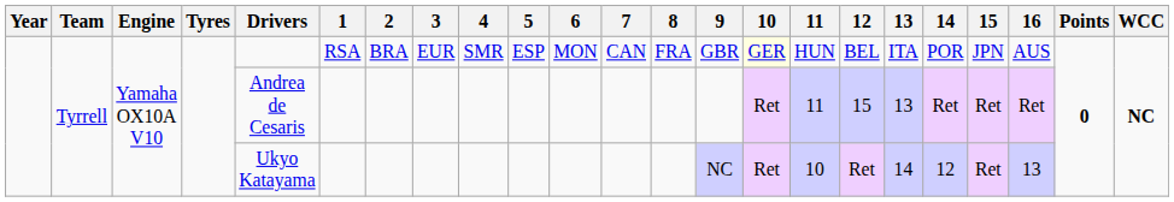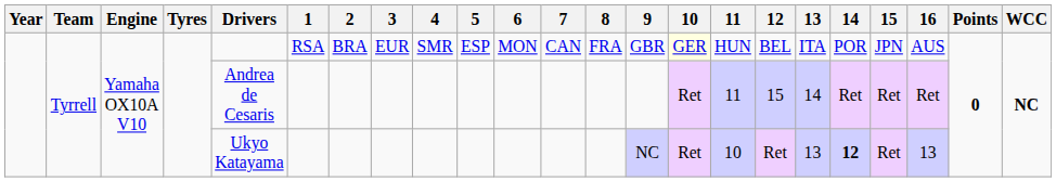 <table class="wikitable" style="text-align:center; font-size:95%">
 <tr>
 <th>Year</th>
 <th>Team</th>
 <th>Engine</th>
 <th>Tyres</th>
 <th>Drivers</th>
 <th>1</th>
 <th>2</th>
 <th>3</th>
 <th>4</th>
 <th>5</th>
 <th>6</th>
 <th>7</th>
 <th>8</th>
 <th>9</th>
 <th>10</th>
 <th>11</th>
 <th>12</th>
 <th>13</th>
 <th>14</th>
 <th>15</th>
 <th>16</th>
 <th>Points</th>
 <th>WCC</th>
 </tr>
 <tr>
 <td rowspan="3"></td>
 <td rowspan="3"><a href='#'>Tyrrell</a></td>
 <td rowspan="3"><a href='#'>Yamaha</a> OX10A<br><a href='#'>V10</a></td>
 <td rowspan="3"></td>
 <td></td>
 <td><a href='#'>RSA</a></td>
 <td><a href='#'>BRA</a></td>
 <td><a href='#'>EUR</a></td>
 <td><a href='#'>SMR</a></td>
 <td><a href='#'>ESP</a></td>
 <td><a href='#'>MON</a></td>
 <td><a href='#'>CAN</a></td>
 <td><a href='#'>FRA</a></td>
 <td><a href='#'>GBR</a></td>
 <td style="background: lightyellow;"><a href='#'>GER</a></td>
 <td><a href='#'>HUN</a></td>
 <td><a href='#'>BEL</a></td>
 <td><a href='#'>ITA</a></td>
 <td><a href='#'>POR</a></td>
 <td><a href='#'>JPN</a></td>
 <td><a href='#'>AUS</a></td>
 <td rowspan="3"><strong>0</strong></td>
 <td rowspan="3"><strong>NC</strong></td>
 </tr>
 <tr>
 <td> <a href='#'>Andrea de Cesaris</a></td>
 <td></td>
 <td></td>
 <td></td>
 <td></td>
 <td></td>
 <td></td>
 <td></td>
 <td></td>
 <td></td>
 <td style="background:#EFCFFF;">Ret</td>
 <td style="background:#CFCFFF;">11</td>
 <td style="background:#CFCFFF;">15</td>
-<td style="background:#CFCFFF;">13</td>
+<td style="background:#CFCFFF;">14</td>
 <td style="background:#EFCFFF;">Ret</td>
 <td style="background:#EFCFFF;">Ret</td>
 <td style="background:#EFCFFF;">Ret</td>
 </tr>
 <tr>
 <td> <a href='#'>Ukyo Katayama</a></td>
 <td></td>
 <td></td>
 <td></td>
 <td></td>
 <td></td>
 <td></td>
 <td></td>
 <td></td>
 <td style="background:#CFCFFF;">NC</td>
 <td style="background:#EFCFFF;">Ret</td>
 <td style="background:#CFCFFF;">10</td>
 <td style="background:#EFCFFF;">Ret</td>
-<td style="background:#CFCFFF;">14</td>
-<td style="background:#CFCFFF;">12</td>
+<td style="background:#CFCFFF;">13</td>
+<td style="background:#CFCFFF;"><strong>12</strong></td>
 <td style="background:#EFCFFF;">Ret</td>
 <td style="background:#CFCFFF;">13</td>
 </tr>
 </table>
